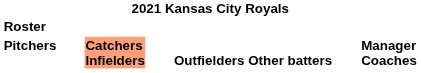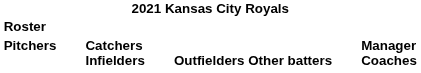 <table class="toccolours" style="font-size: 95%;">
 <tr>
 <th colspan="10">2021 Kansas City Royals</th>
 </tr>
 <tr>
 <td colspan="10"><strong>Roster</strong></td>
 </tr>
 <tr>
 <td valign="top"><strong>Pitchers</strong><br>                            </td>
 <td width="25px"></td>
-<td valign="top" style="background: lightsalmon;"><strong>Catchers</strong><br>   <strong>Infielders</strong>       </td>
+<td valign="top"><strong>Catchers</strong><br>   <strong>Infielders</strong>       </td>
 <td width="25px"></td>
 <td valign="top"><br><strong>Outfielders</strong>         <strong>Other batters</strong> </td>
 <td width="25px"></td>
 <td valign="top"><strong>Manager</strong><br> <strong>Coaches</strong>                      </td>
 </tr>
 </table>
